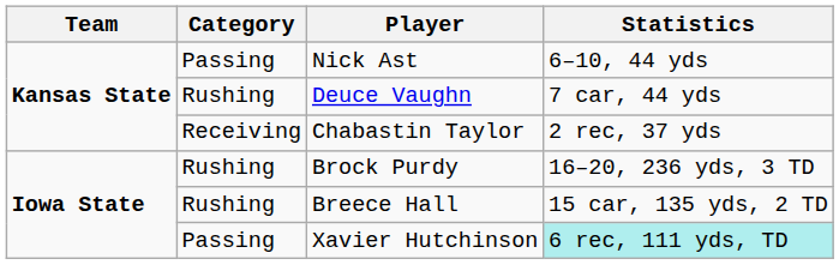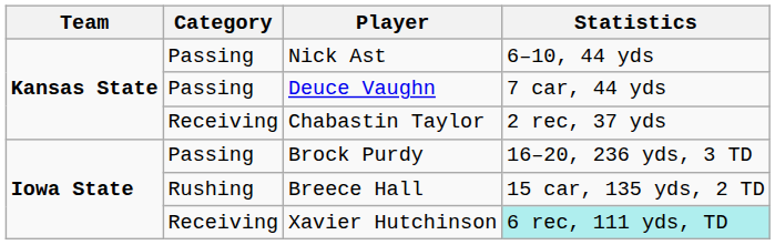 <table class="wikitable" style="float: right;">
 <tr>
 <th>Team</th>
 <th>Category</th>
 <th>Player</th>
 <th>Statistics</th>
 </tr>
 <tr>
 <td rowspan=3><strong>Kansas State</strong></td>
 <td>Passing</td>
 <td>Nick Ast</td>
 <td>6–10, 44 yds</td>
 </tr>
 <tr>
-<td>Rushing</td>
+<td>Passing</td>
 <td><a href='#'>Deuce Vaughn</a></td>
 <td>7 car, 44 yds</td>
 </tr>
 <tr>
 <td>Receiving</td>
 <td>Chabastin Taylor</td>
 <td>2 rec, 37 yds</td>
 </tr>
 <tr>
 <td rowspan=3><strong>Iowa State</strong></td>
-<td>Rushing</td>
+<td>Passing</td>
 <td>Brock Purdy</td>
 <td>16–20, 236 yds, 3 TD</td>
 </tr>
 <tr>
 <td>Rushing</td>
 <td>Breece Hall</td>
 <td>15 car, 135 yds, 2 TD</td>
 </tr>
 <tr>
-<td>Passing</td>
+<td>Receiving</td>
 <td>Xavier Hutchinson</td>
 <td style="background: paleturquoise;">6 rec, 111 yds, TD</td>
 </tr>
 </table>
